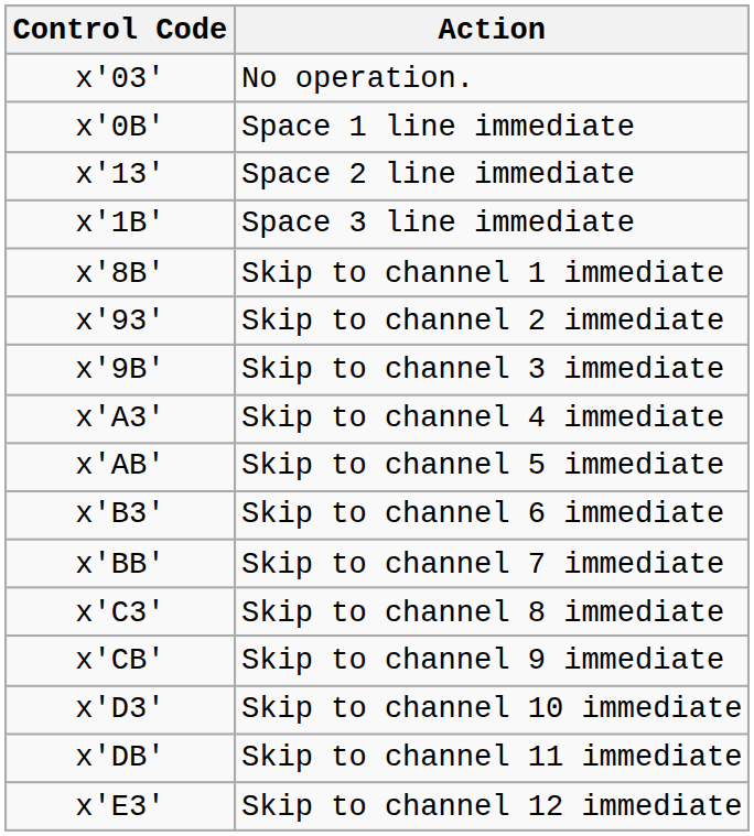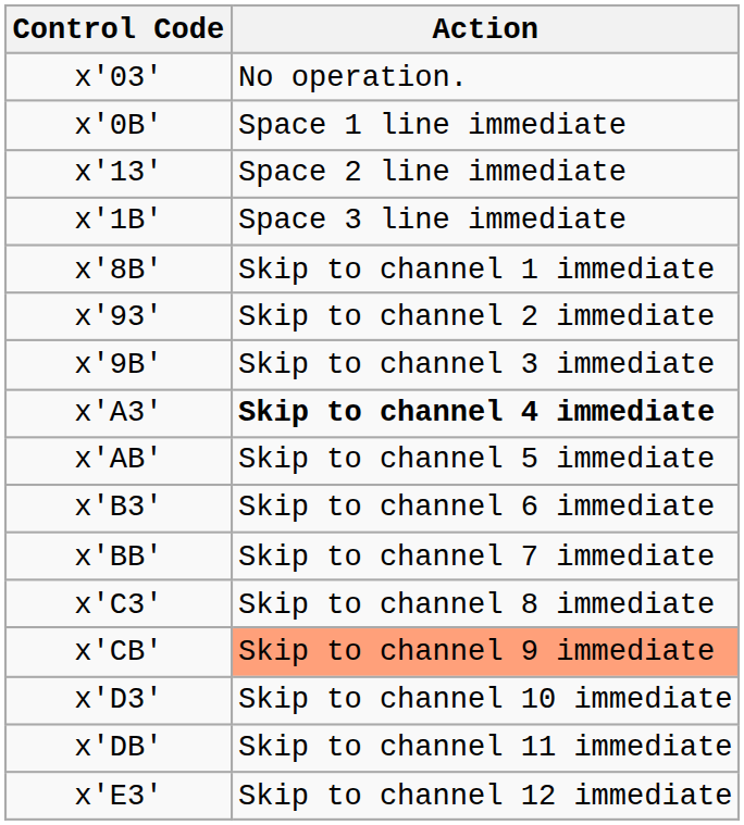 <table class="wikitable">
 <tr>
 <th>Control Code</th>
 <th>Action</th>
 </tr>
 <tr>
 <td style="text-align:center;">x'03'</td>
 <td>No operation.</td>
 </tr>
 <tr>
 <td style="text-align:center;">x'0B'</td>
 <td>Space 1 line immediate</td>
 </tr>
 <tr>
 <td style="text-align:center;">x'13'</td>
 <td>Space 2 line immediate</td>
 </tr>
 <tr>
 <td style="text-align:center;">x'1B'</td>
 <td>Space 3 line immediate</td>
 </tr>
 <tr>
 <td style="text-align:center;">x'8B'</td>
 <td>Skip to channel 1 immediate</td>
 </tr>
 <tr>
 <td style="text-align:center;">x'93'</td>
 <td>Skip to channel 2 immediate</td>
 </tr>
 <tr>
 <td style="text-align:center;">x'9B'</td>
 <td>Skip to channel 3 immediate</td>
 </tr>
 <tr>
 <td style="text-align:center;">x'A3'</td>
-<td>Skip to channel 4 immediate</td>
+<td><strong>Skip to channel 4 immediate</strong></td>
 </tr>
 <tr>
 <td style="text-align:center;">x'AB'</td>
 <td>Skip to channel 5 immediate</td>
 </tr>
 <tr>
 <td style="text-align:center;">x'B3'</td>
 <td>Skip to channel 6 immediate</td>
 </tr>
 <tr>
 <td style="text-align:center;">x'BB'</td>
 <td>Skip to channel 7 immediate</td>
 </tr>
 <tr>
 <td style="text-align:center;">x'C3'</td>
 <td>Skip to channel 8 immediate</td>
 </tr>
 <tr>
 <td style="text-align:center;">x'CB'</td>
-<td>Skip to channel 9 immediate</td>
+<td style="background: lightsalmon;">Skip to channel 9 immediate</td>
 </tr>
 <tr>
 <td style="text-align:center;">x'D3'</td>
 <td>Skip to channel 10 immediate</td>
 </tr>
 <tr>
 <td style="text-align:center;">x'DB'</td>
 <td>Skip to channel 11 immediate</td>
 </tr>
 <tr>
 <td style="text-align:center;">x'E3'</td>
 <td>Skip to channel 12 immediate</td>
 </tr>
 </table>
